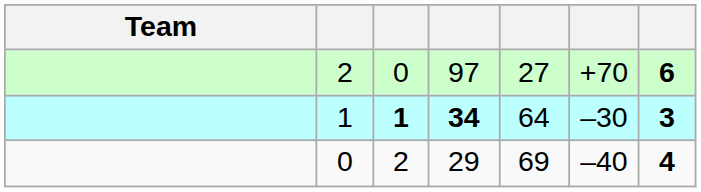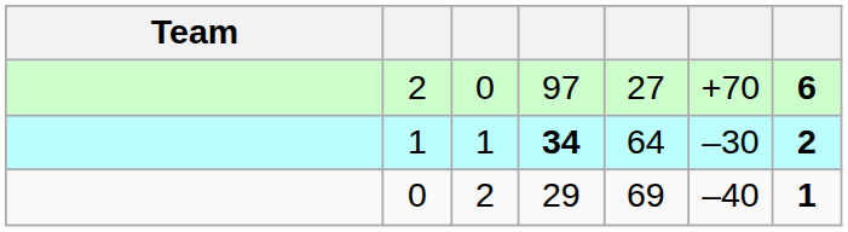 <table class="wikitable" style="text-align:center;">
 <tr>
 <th style="width:10.5em;">Team</th>
 <th style="width:1.5em;"></th>
 <th style="width:1.5em;"></th>
 <th style="width:2.0em;"></th>
 <th style="width:2.0em;"></th>
 <th style="width:2.0em;"></th>
 <th style="width:1.5em;"></th>
 </tr>
 <tr bgcolor=#cfc>
 <td align="left"></td>
 <td>2</td>
 <td>0</td>
 <td>97</td>
 <td>27</td>
 <td>+70</td>
 <td><strong>6</strong></td>
 </tr>
 <tr bgcolor=#bff>
 <td align="left"></td>
 <td>1</td>
-<td><strong>1</strong></td>
+<td>1</td>
 <td><strong>34</strong></td>
 <td>64</td>
 <td>–30</td>
-<td><strong>3</strong></td>
+<td><strong>2</strong></td>
 </tr>
 <tr>
 <td align="left"></td>
 <td>0</td>
 <td>2</td>
 <td>29</td>
 <td>69</td>
 <td>–40</td>
-<td><strong>4</strong></td>
+<td><strong>1</strong></td>
 </tr>
 </table>
